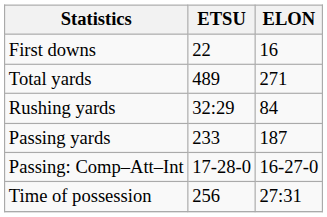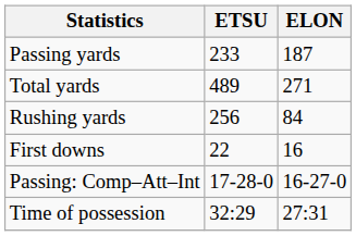 <table class="wikitable" style="float: left;">
 <tr>
 <th>Statistics</th>
 <th>ETSU</th>
 <th>ELON</th>
 </tr>
 <tr>
-<td>First downs</td>
-<td>22</td>
-<td>16</td>
+<td>Passing yards</td>
+<td>233</td>
+<td>187</td>
 </tr>
 <tr>
 <td>Total yards</td>
 <td>489</td>
 <td>271</td>
 </tr>
 <tr>
 <td>Rushing yards</td>
-<td>32:29</td>
+<td>256</td>
 <td>84</td>
 </tr>
 <tr>
-<td>Passing yards</td>
-<td>233</td>
-<td>187</td>
+<td>First downs</td>
+<td>22</td>
+<td>16</td>
 </tr>
 <tr>
 <td>Passing: Comp–Att–Int</td>
 <td>17-28-0</td>
 <td>16-27-0</td>
 </tr>
 <tr>
 <td>Time of possession</td>
-<td>256</td>
+<td>32:29</td>
 <td>27:31</td>
 </tr>
 <tr>
 </tr>
 </table>
